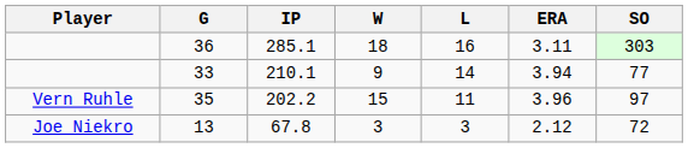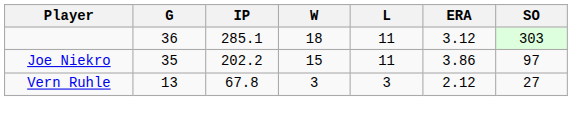 <table class="wikitable sortable">
 <tr>
 <th bgcolor="#DDDDFF" width="16%">Player</th>
 <th bgcolor="#DDDDFF" width="9%">G</th>
 <th bgcolor="#DDDDFF" width="9%">IP</th>
 <th bgcolor="#DDDDFF" width="9%">W</th>
 <th bgcolor="#DDDDFF" width="9%">L</th>
 <th bgcolor="#DDDDFF" width="9%">ERA</th>
 <th bgcolor="#DDDDFF" width="9%">SO</th>
 </tr>
 <tr align="center">
 <td></td>
 <td>36</td>
 <td>285.1</td>
 <td>18</td>
-<td>16</td>
-<td>3.11</td>
+<td>11</td>
+<td>3.12</td>
 <td style="background:#DDFFDD;">303</td>
 </tr>
 <tr align="center">
-<td></td>
-<td>33</td>
-<td>210.1</td>
-<td>9</td>
-<td>14</td>
-<td>3.94</td>
-<td>77</td>
-</tr>
-<tr align="center">
-<td><a href='#'>Vern Ruhle</a></td>
+<td><a href='#'>Joe Niekro</a></td>
 <td>35</td>
 <td>202.2</td>
 <td>15</td>
 <td>11</td>
-<td>3.96</td>
+<td>3.86</td>
 <td>97</td>
 </tr>
 <tr align=center>
-<td><a href='#'>Joe Niekro</a></td>
+<td><a href='#'>Vern Ruhle</a></td>
 <td>13</td>
 <td>67.8</td>
 <td>3</td>
 <td>3</td>
 <td>2.12</td>
-<td>72</td>
+<td>27</td>
 </tr>
 </table>
